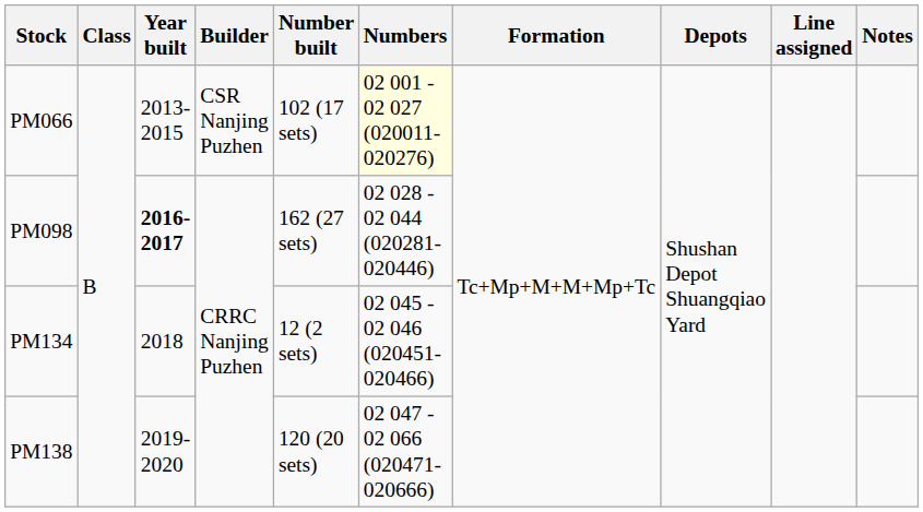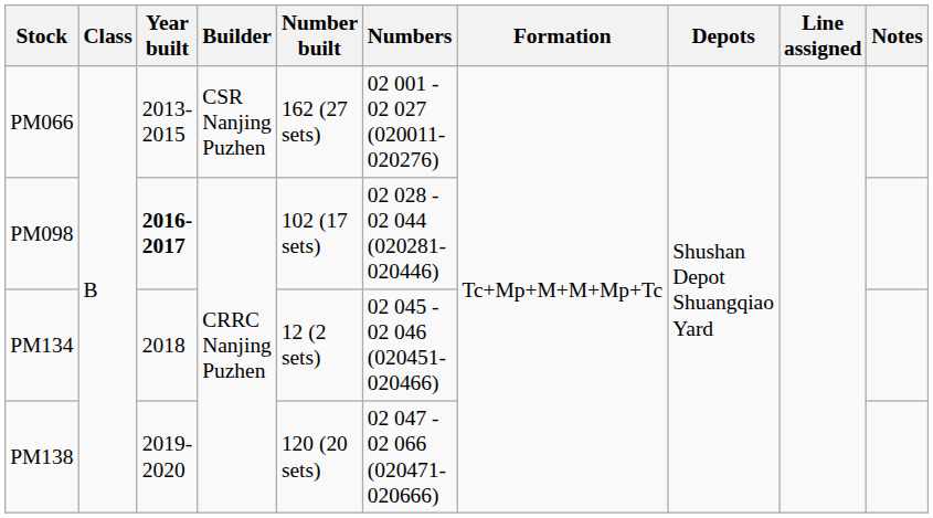 <table class="wikitable sortable" style="font-size: 95%;" |>
 <tr>
 <th>Stock</th>
 <th>Class</th>
 <th>Year built</th>
 <th>Builder</th>
 <th>Number built</th>
 <th>Numbers</th>
 <th>Formation</th>
 <th>Depots</th>
 <th>Line assigned</th>
 <th>Notes</th>
 </tr>
 <tr bo,>
 <td>PM066</td>
 <td rowspan="4">B</td>
 <td>2013-2015</td>
 <td>CSR Nanjing Puzhen</td>
-<td>102 (17 sets)</td>
-<td style="background: lightyellow;">02 001 - 02 027 (020011-020276)</td>
+<td>162 (27 sets)</td>
+<td>02 001 - 02 027 (020011-020276)</td>
 <td rowspan="4">Tc+Mp+M+M+Mp+Tc</td>
 <td rowspan="4">Shushan Depot<br>Shuangqiao Yard</td>
 <td rowspan="4"></td>
 <td></td>
 </tr>
 <tr>
 <td>PM098</td>
 <td><strong>2016-2017</strong></td>
 <td rowspan="3">CRRC Nanjing Puzhen</td>
-<td>162 (27 sets)</td>
+<td>102 (17 sets)</td>
 <td>02 028 - 02 044 (020281-020446)</td>
 <td></td>
 </tr>
 <tr>
 <td>PM134</td>
 <td>2018</td>
 <td>12 (2 sets)</td>
 <td>02 045 - 02 046 (020451-020466)</td>
 <td></td>
 </tr>
 <tr>
 <td>PM138</td>
 <td>2019-2020</td>
 <td>120 (20 sets)</td>
 <td>02 047 - 02 066 (020471-020666)</td>
 <td></td>
 </tr>
 </table>
